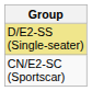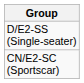 <table class="wikitable" style="font-size:95%">
 <tr>
 <th>Group</th>
 </tr>
 <tr>
-<td style="background: khaki;">D/E2-SS<br>(Single-seater)</td>
+<td>D/E2-SS<br>(Single-seater)</td>
 </tr>
 <tr>
 <td>CN/E2-SC<br>(Sportscar)</td>
 </tr>
 </table>
